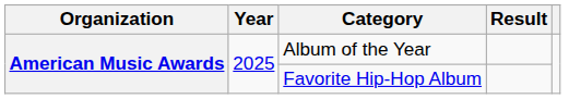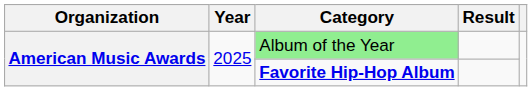 <table class="wikitable sortable plainrowheaders" style="border:none; margin:0;">
 <tr>
 <th scope="col">Organization</th>
 <th scope="col">Year</th>
 <th scope="col">Category</th>
 <th scope="col">Result</th>
 <th scope="col" class="unsortable"></th>
 </tr>
 <tr>
 <th rowspan="2" scope="row"><a href='#'>American Music Awards</a></th>
 <td rowspan="2"><a href='#'>2025</a></td>
-<td>Album of the Year</td>
+<td style="background: lightgreen;">Album of the Year</td>
 <td></td>
 <td rowspan="2" style="text-align:center"></td>
 </tr>
 <tr>
-<td><a href='#'>Favorite Hip-Hop Album</a></td>
+<td><strong><a href='#'>Favorite Hip-Hop Album</a></strong></td>
 <td></td>
 </tr>
 </table>
